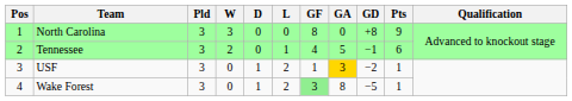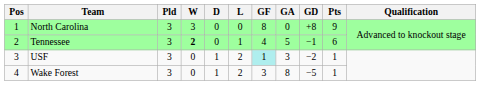 <table class="wikitable" style="text-align:center; margin: 1em auto">
 <tr>
 <th style="width:2em">Pos</th>
 <th style="width:13em">Team</th>
 <th style="width:2em">Pld</th>
 <th style="width:2em">W</th>
 <th style="width:2em">D</th>
 <th style="width:2em">L</th>
 <th style="width:2em">GF</th>
 <th style="width:2em">GA</th>
 <th style="width:2em">GD</th>
 <th style="width:2em">Pts</th>
 <th style="width:13em">Qualification</th>
 </tr>
 <tr bgcolor="#9eff9e">
 <td>1</td>
 <td style="text-align:left">North Carolina</td>
 <td>3</td>
 <td>3</td>
 <td>0</td>
 <td>0</td>
 <td>8</td>
 <td>0</td>
 <td>+8</td>
 <td>9</td>
 <td rowspan="2">Advanced to knockout stage</td>
 </tr>
 <tr bgcolor="#9eff9e">
 <td>2</td>
 <td style="text-align:left">Tennessee</td>
 <td>3</td>
-<td>2</td>
+<td><strong>2</strong></td>
 <td>0</td>
 <td>1</td>
 <td>4</td>
 <td>5</td>
 <td>−1</td>
 <td>6</td>
 </tr>
 <tr>
 <td>3</td>
 <td style="text-align:left">USF</td>
 <td>3</td>
 <td>0</td>
 <td>1</td>
 <td>2</td>
-<td>1</td>
-<td style="background: gold;">3</td>
+<td style="background: paleturquoise;">1</td>
+<td>3</td>
 <td>−2</td>
 <td>1</td>
 <td rowspan="2"></td>
 </tr>
 <tr>
 <td>4</td>
 <td style="text-align:left">Wake Forest</td>
 <td>3</td>
 <td>0</td>
 <td>1</td>
 <td>2</td>
-<td style="background: lightgreen;">3</td>
+<td>3</td>
 <td>8</td>
 <td>−5</td>
 <td>1</td>
 </tr>
 </table>
